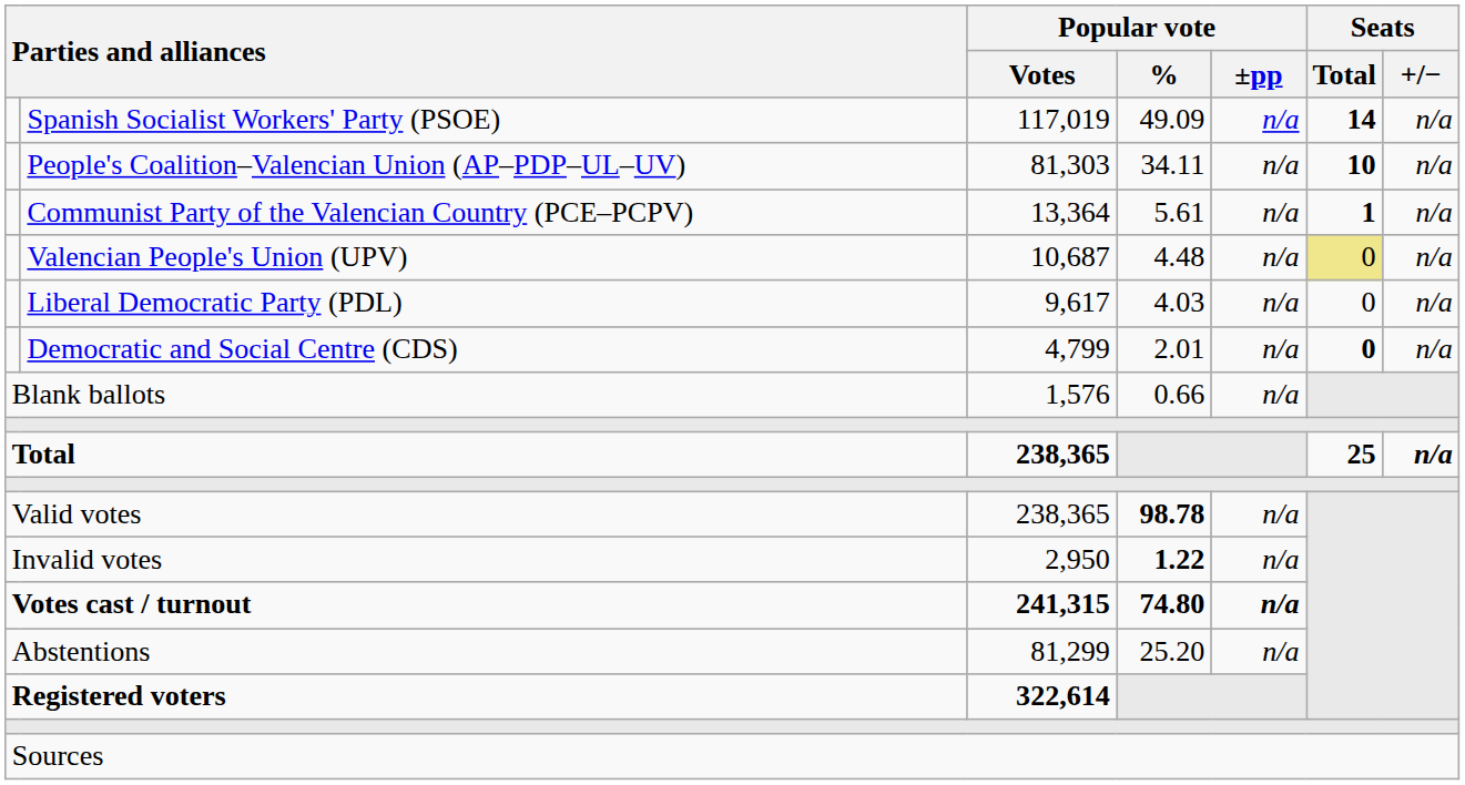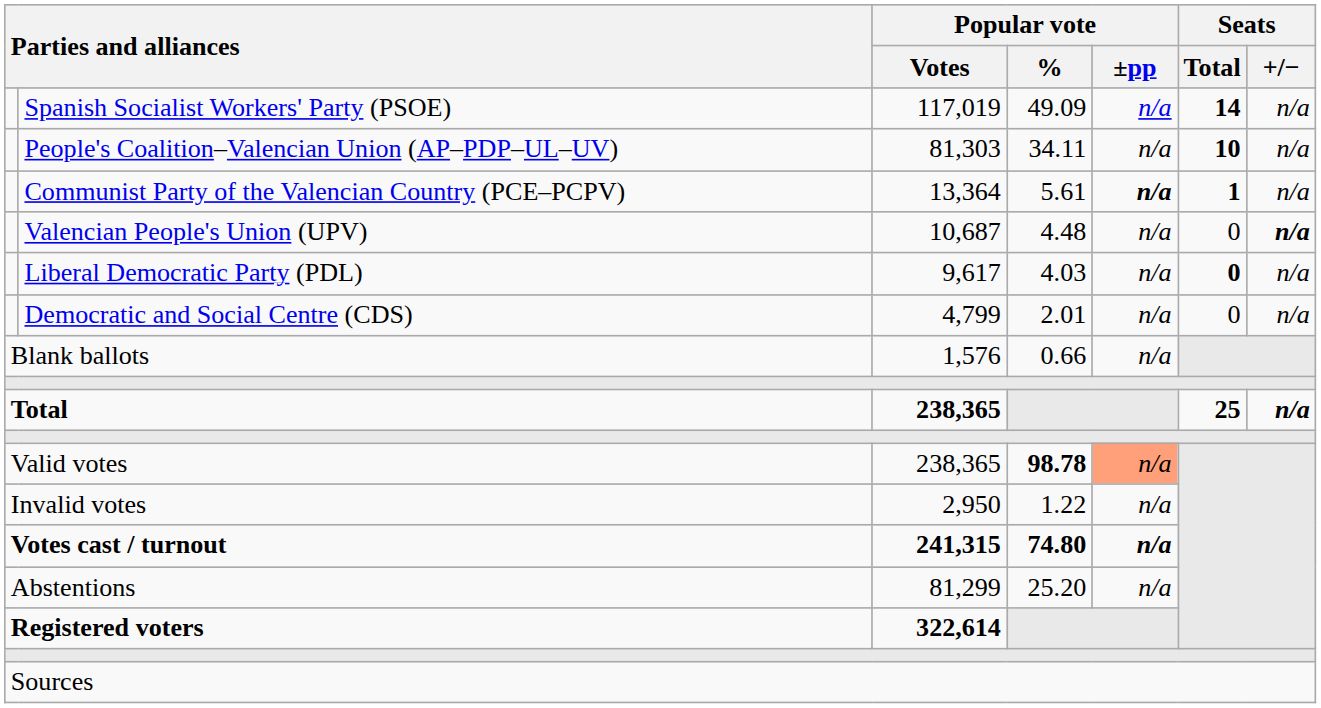 <table class="wikitable" style="text-align:right;">
 <tr>
 <th style="text-align:left;" rowspan="2" colspan="2" width="525">Parties and alliances</th>
 <th colspan="3">Popular vote</th>
 <th colspan="2">Seats</th>
 </tr>
 <tr>
 <th width="75">Votes</th>
 <th width="45">%</th>
 <th width="45">±<a href='#'>pp</a></th>
 <th width="35">Total</th>
 <th width="35">+/−</th>
 </tr>
 <tr>
 <td width="1" style="color:inherit;background:"></td>
 <td align="left"><a href='#'>Spanish Socialist Workers' Party</a> (PSOE)</td>
 <td>117,019</td>
 <td>49.09</td>
 <td><em><a href='#'>n/a</a></em></td>
 <td><strong>14</strong></td>
 <td><em>n/a</em></td>
 </tr>
 <tr>
 <td style="color:inherit;background:"></td>
 <td align="left"><a href='#'>People's Coalition</a>–<a href='#'>Valencian Union</a> (<a href='#'>AP</a>–<a href='#'>PDP</a>–<a href='#'>UL</a>–<a href='#'>UV</a>)</td>
 <td>81,303</td>
 <td>34.11</td>
 <td><em>n/a</em></td>
 <td><strong>10</strong></td>
 <td><em>n/a</em></td>
 </tr>
 <tr>
 <td style="color:inherit;background:"></td>
 <td align="left"><a href='#'>Communist Party of the Valencian Country</a> (PCE–PCPV)</td>
 <td>13,364</td>
 <td>5.61</td>
-<td><em>n/a</em></td>
+<td><strong><em>n/a</em></strong></td>
 <td><strong>1</strong></td>
 <td><em>n/a</em></td>
 </tr>
 <tr>
 <td style="color:inherit;background:"></td>
 <td align="left"><a href='#'>Valencian People's Union</a> (UPV)</td>
 <td>10,687</td>
 <td>4.48</td>
 <td><em>n/a</em></td>
-<td style="background: khaki;">0</td>
-<td><em>n/a</em></td>
+<td>0</td>
+<td><strong><em>n/a</em></strong></td>
 </tr>
 <tr>
 <td style="color:inherit;background:"></td>
 <td align="left"><a href='#'>Liberal Democratic Party</a> (PDL)</td>
 <td>9,617</td>
 <td>4.03</td>
 <td><em>n/a</em></td>
-<td>0</td>
+<td><strong>0</strong></td>
 <td><em>n/a</em></td>
 </tr>
 <tr>
 <td style="color:inherit;background:"></td>
 <td align="left"><a href='#'>Democratic and Social Centre</a> (CDS)</td>
 <td>4,799</td>
 <td>2.01</td>
 <td><em>n/a</em></td>
-<td><strong>0</strong></td>
+<td>0</td>
 <td><em>n/a</em></td>
 </tr>
 <tr>
 <td align="left" colspan="2">Blank ballots</td>
 <td>1,576</td>
 <td>0.66</td>
 <td><em>n/a</em></td>
 <td bgcolor="#E9E9E9" colspan="2"></td>
 </tr>
 <tr>
 <td colspan="7" bgcolor="#E9E9E9"></td>
 </tr>
 <tr style="font-weight:bold;">
 <td align="left" colspan="2">Total</td>
 <td>238,365</td>
 <td bgcolor="#E9E9E9" colspan="2"></td>
 <td>25</td>
 <td><em>n/a</em></td>
 </tr>
 <tr>
 <td colspan="7" bgcolor="#E9E9E9"></td>
 </tr>
 <tr>
 <td align="left" colspan="2">Valid votes</td>
 <td>238,365</td>
 <td><strong>98.78</strong></td>
-<td><em>n/a</em></td>
+<td style="background: lightsalmon;"><em>n/a</em></td>
 <td bgcolor="#E9E9E9" colspan="2" rowspan="5"></td>
 </tr>
 <tr>
 <td align="left" colspan="2">Invalid votes</td>
 <td>2,950</td>
-<td><strong>1.22</strong></td>
+<td>1.22</td>
 <td><em>n/a</em></td>
 </tr>
 <tr style="font-weight:bold;">
 <td align="left" colspan="2">Votes cast / turnout</td>
 <td>241,315</td>
 <td>74.80</td>
 <td><em>n/a</em></td>
 </tr>
 <tr>
 <td align="left" colspan="2">Abstentions</td>
 <td>81,299</td>
 <td>25.20</td>
 <td><em>n/a</em></td>
 </tr>
 <tr style="font-weight:bold;">
 <td align="left" colspan="2">Registered voters</td>
 <td>322,614</td>
 <td bgcolor="#E9E9E9" colspan="2"></td>
 </tr>
 <tr>
 <td colspan="7" bgcolor="#E9E9E9"></td>
 </tr>
 <tr>
 <td align="left" colspan="7">Sources</td>
 </tr>
 </table>
